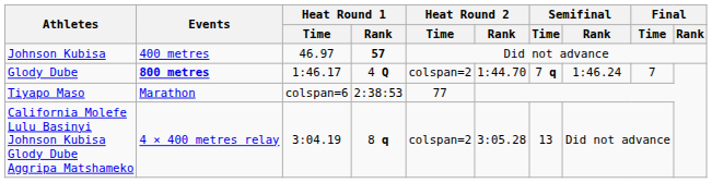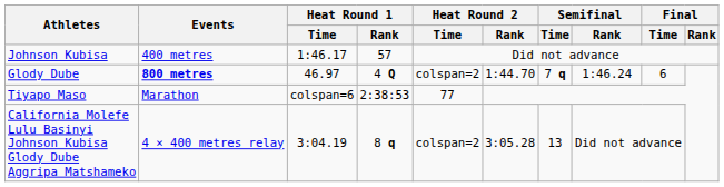 <table class=wikitable style=font-size:90%>
 <tr>
 <th rowspan=2>Athletes</th>
 <th rowspan=2>Events</th>
 <th colspan=2>Heat Round 1</th>
 <th colspan=2>Heat Round 2</th>
 <th colspan=2>Semifinal</th>
 <th colspan=2>Final</th>
 </tr>
 <tr>
 <th>Time</th>
 <th>Rank</th>
 <th>Time</th>
 <th>Rank</th>
 <th>Time</th>
 <th>Rank</th>
 <th>Time</th>
 <th>Rank</th>
 </tr>
 <tr>
 <td><a href='#'>Johnson Kubisa</a></td>
 <td><a href='#'>400 metres</a></td>
-<td align=center>46.97</td>
-<td align=center><strong>57</strong></td>
+<td align=center>1:46.17</td>
+<td align=center>57</td>
 <td align=center colspan=6>Did not advance</td>
 </tr>
 <tr>
 <td><a href='#'>Glody Dube</a></td>
 <td><strong><a href='#'>800 metres</a></strong></td>
-<td align=center>1:46.17</td>
+<td align=center>46.97</td>
 <td align=center>4 <strong>Q</strong></td>
 <td>colspan=2 </td>
 <td align=center>1:44.70</td>
 <td align=center>7 <strong>q</strong></td>
 <td align=center>1:46.24</td>
-<td align=center>7</td>
+<td align=center>6</td>
 </tr>
 <tr>
 <td><a href='#'>Tiyapo Maso</a></td>
 <td><a href='#'>Marathon</a></td>
 <td>colspan=6 </td>
 <td align=center>2:38:53</td>
 <td align=center>77</td>
 </tr>
 <tr>
 <td><a href='#'>California Molefe</a><br><a href='#'>Lulu Basinyi</a><br><a href='#'>Johnson Kubisa</a><br><a href='#'>Glody Dube</a><br><a href='#'>Aggripa Matshameko</a></td>
 <td><a href='#'>4 × 400 metres relay</a></td>
 <td align=center>3:04.19</td>
 <td align=center>8 <strong>q</strong></td>
 <td>colspan=2 </td>
 <td align=center>3:05.28</td>
 <td align=center>13</td>
 <td align=center colspan=2>Did not advance</td>
 </tr>
 </table>
